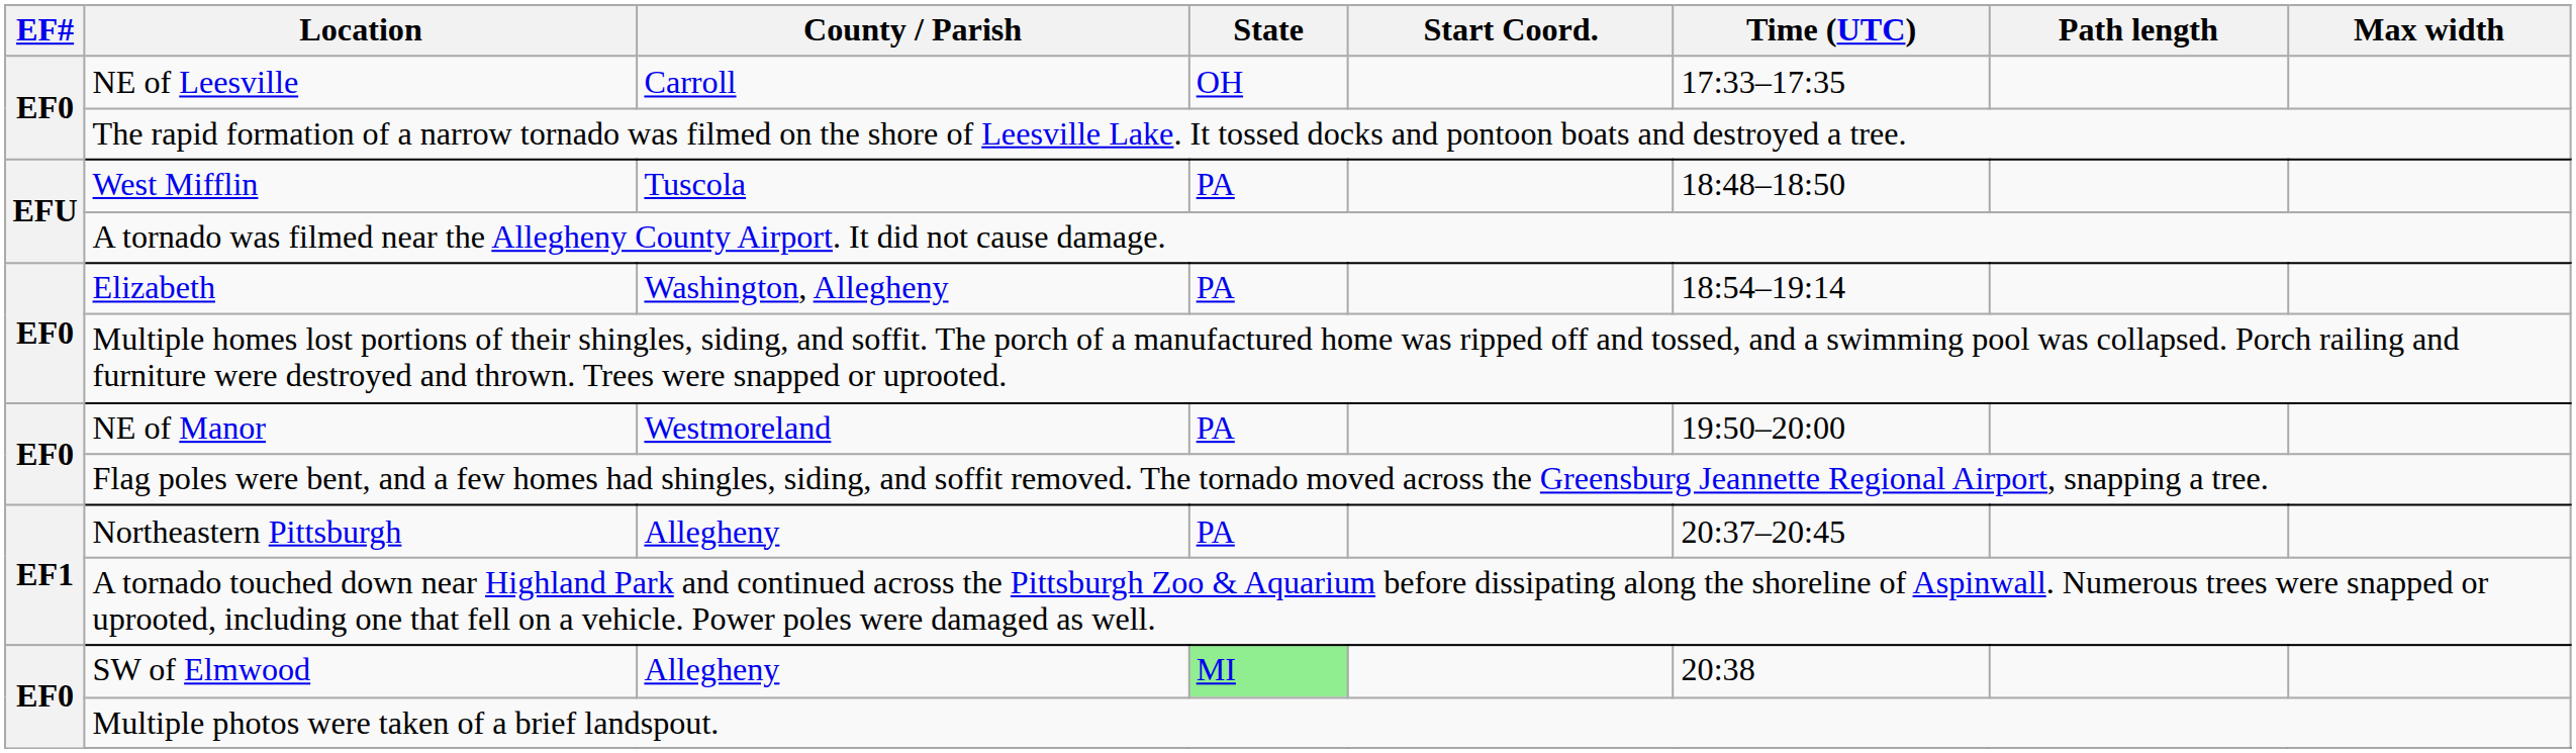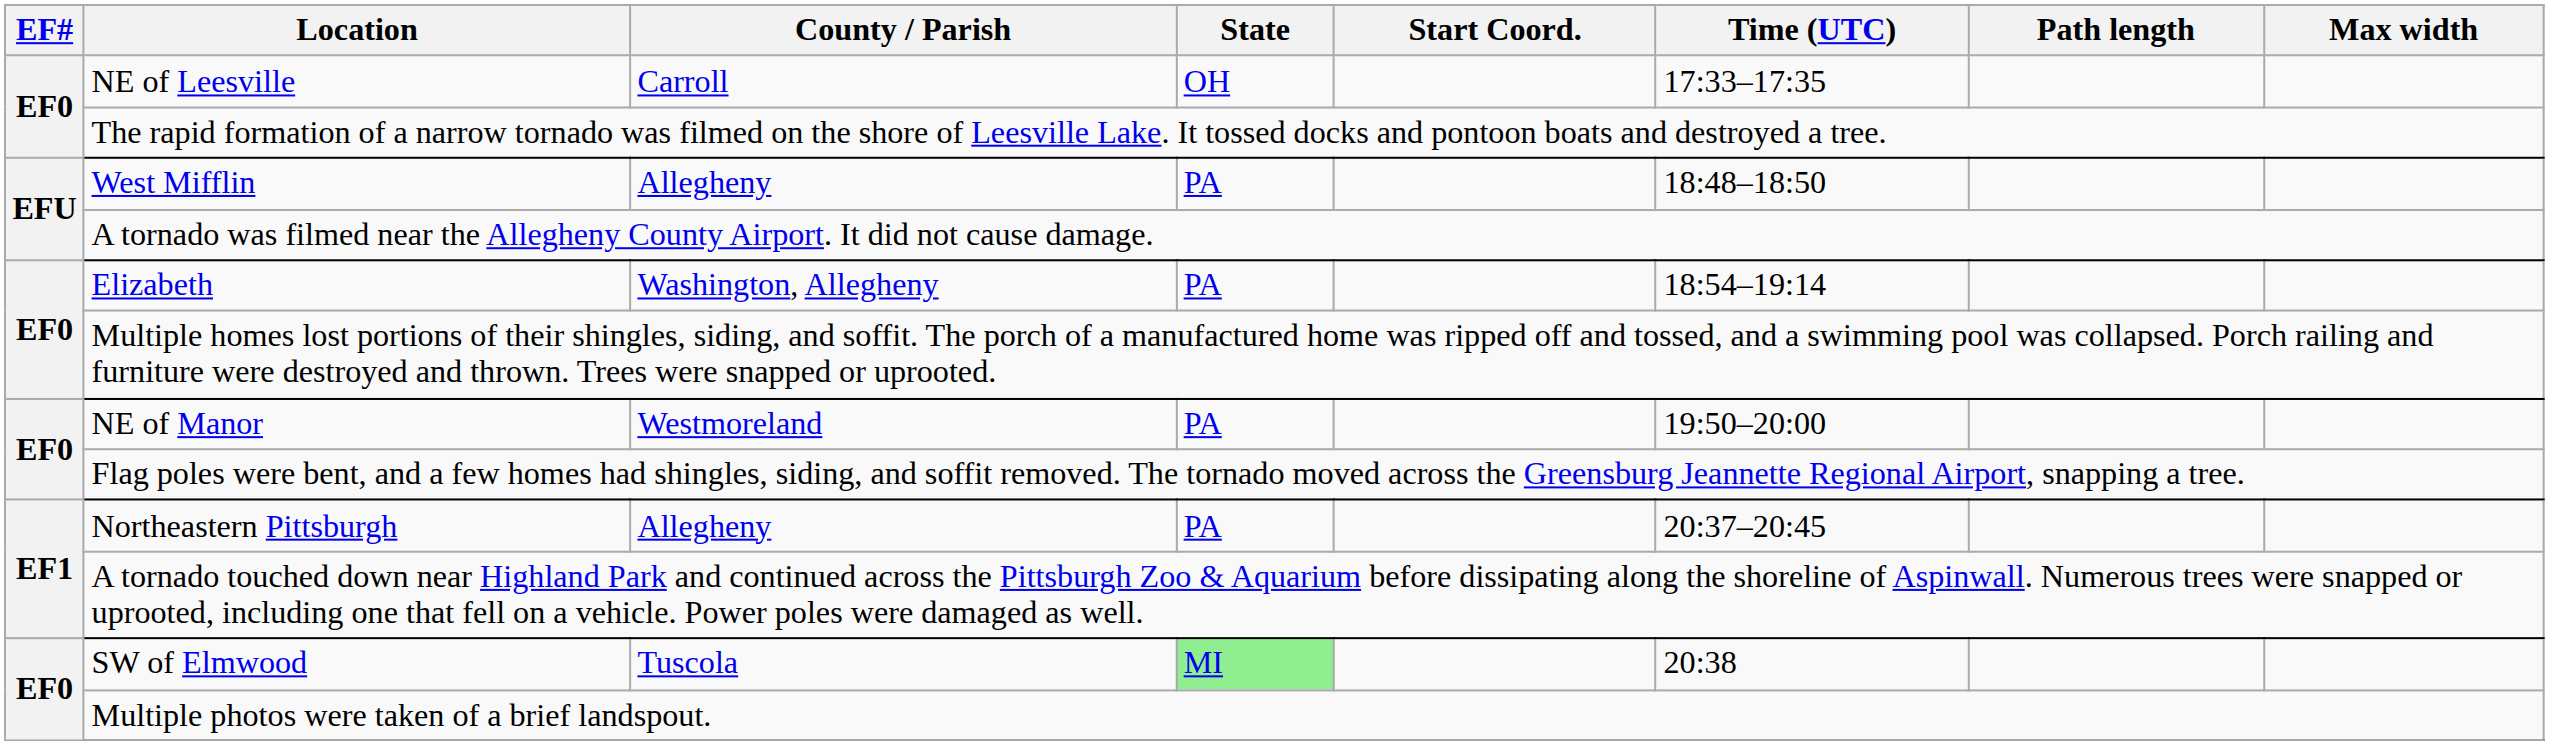 <table class="wikitable sortable" style="width:100%;">
 <tr>
 <th scope="col" width="2%" align="center"><a href='#'>EF#</a></th>
 <th scope="col" align="center" class="unsortable">Location</th>
 <th scope="col" align="center" class="unsortable">County / Parish</th>
 <th scope="col" align="center">State</th>
 <th scope="col" align="center">Start Coord.</th>
 <th scope="col" align="center">Time (<a href='#'>UTC</a>)</th>
 <th scope="col" align="center">Path length</th>
 <th scope="col" align="center">Max width</th>
 </tr>
 <tr>
 <th scope="row" rowspan="2" style="background-color:#">EF0</th>
 <td>NE of <a href='#'>Leesville</a></td>
 <td><a href='#'>Carroll</a></td>
 <td><a href='#'>OH</a></td>
 <td></td>
 <td>17:33–17:35</td>
 <td></td>
 <td></td>
 </tr>
 <tr class="expand-child">
 <td colspan="8" style=" border-bottom: 1px solid black;">The rapid formation of a narrow tornado was filmed on the shore of <a href='#'>Leesville Lake</a>. It tossed docks and pontoon boats and destroyed a tree.</td>
 </tr>
 <tr>
 <th scope="row" rowspan="2" style="background-color:#">EFU</th>
 <td><a href='#'>West Mifflin</a></td>
-<td><a href='#'>Tuscola</a></td>
+<td><a href='#'>Allegheny</a></td>
 <td><a href='#'>PA</a></td>
 <td></td>
 <td>18:48–18:50</td>
 <td></td>
 <td></td>
 </tr>
 <tr class="expand-child">
 <td colspan="8" style=" border-bottom: 1px solid black;">A tornado was filmed near the <a href='#'>Allegheny County Airport</a>. It did not cause damage.</td>
 </tr>
 <tr>
 <th scope="row" rowspan="2" style="background-color:#">EF0</th>
 <td><a href='#'>Elizabeth</a></td>
 <td><a href='#'>Washington</a>, <a href='#'>Allegheny</a></td>
 <td><a href='#'>PA</a></td>
 <td></td>
 <td>18:54–19:14</td>
 <td></td>
 <td></td>
 </tr>
 <tr class="expand-child">
 <td colspan="8" style=" border-bottom: 1px solid black;">Multiple homes lost portions of their shingles, siding, and soffit. The porch of a manufactured home was ripped off and tossed, and a swimming pool was collapsed. Porch railing and furniture were destroyed and thrown. Trees were snapped or uprooted.</td>
 </tr>
 <tr>
 <th scope="row" rowspan="2" style="background-color:#">EF0</th>
 <td>NE of <a href='#'>Manor</a></td>
 <td><a href='#'>Westmoreland</a></td>
 <td><a href='#'>PA</a></td>
 <td></td>
 <td>19:50–20:00</td>
 <td></td>
 <td></td>
 </tr>
 <tr class="expand-child">
 <td colspan="8" style=" border-bottom: 1px solid black;">Flag poles were bent, and a few homes had shingles, siding, and soffit removed. The tornado moved across the <a href='#'>Greensburg Jeannette Regional Airport</a>, snapping a tree.</td>
 </tr>
 <tr>
 <th scope="row" rowspan="2" style="background-color:#">EF1</th>
 <td>Northeastern <a href='#'>Pittsburgh</a></td>
 <td><a href='#'>Allegheny</a></td>
 <td><a href='#'>PA</a></td>
 <td></td>
 <td>20:37–20:45</td>
 <td></td>
 <td></td>
 </tr>
 <tr class="expand-child">
 <td colspan="8" style=" border-bottom: 1px solid black;">A tornado touched down near <a href='#'>Highland Park</a> and continued across the <a href='#'>Pittsburgh Zoo & Aquarium</a> before dissipating along the shoreline of <a href='#'>Aspinwall</a>. Numerous trees were snapped or uprooted, including one that fell on a vehicle. Power poles were damaged as well.</td>
 </tr>
 <tr>
 <th scope="row" rowspan="2" style="background-color:#">EF0</th>
 <td>SW of <a href='#'>Elmwood</a></td>
-<td><a href='#'>Allegheny</a></td>
+<td><a href='#'>Tuscola</a></td>
 <td style="background: lightgreen;"><a href='#'>MI</a></td>
 <td></td>
 <td>20:38</td>
 <td></td>
 <td></td>
 </tr>
 <tr class="expand-child">
 <td colspan="8" style=" border-bottom: 1px solid black;">Multiple photos were taken of a brief landspout.</td>
 </tr>
 <tr>
 </tr>
 </table>
